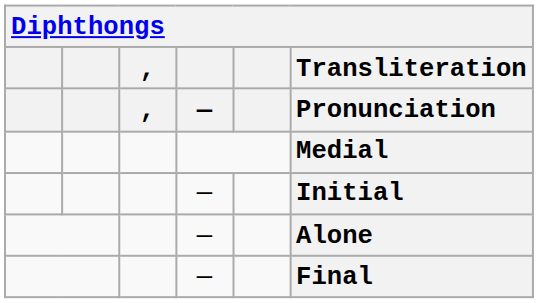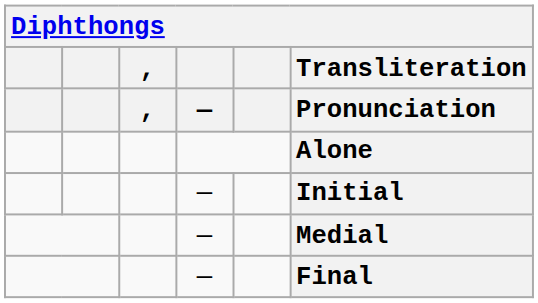 <table class="wikitable" style="text-align: center; display: inline-table;">
 <tr>
 <th colspan="6" style="text-align: left"><a href='#'>Diphthongs</a></th>
 </tr>
 <tr>
 <th style="min-width: 1.75em"></th>
 <th style="min-width: 1.75em"></th>
 <th style="min-width: 1.75em">, </th>
 <th style="min-width: 1.75em"></th>
 <th style="min-width: 1.75em"></th>
 <th style="text-align: left">Transliteration</th>
 </tr>
 <tr>
 <th style="min-width: 1.75em"></th>
 <th style="min-width: 1.75em"></th>
 <th style="min-width: 1.75em">, </th>
 <th style="min-width: 1.75em">—</th>
 <th style="min-width: 1.75em"></th>
 <th style="text-align: left">Pronunciation</th>
 </tr>
 <tr>
 <td></td>
 <td></td>
 <td></td>
 <td colspan="2"></td>
-<th style="text-align: left">Medial</th>
+<th style="text-align: left">Alone</th>
 </tr>
 <tr>
 <td></td>
 <td></td>
 <td></td>
 <td>—</td>
 <td></td>
 <th style="text-align: left">Initial</th>
 </tr>
 <tr>
 <td colspan="2"></td>
 <td></td>
 <td>—</td>
 <td></td>
-<th style="text-align: left">Alone</th>
+<th style="text-align: left">Medial</th>
 </tr>
 <tr>
 <td colspan="2"></td>
 <td></td>
 <td>—</td>
 <td></td>
 <th style="text-align: left">Final</th>
 </tr>
 </table>
